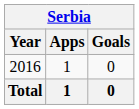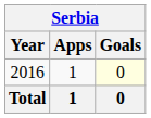 <table class="wikitable" style="text-align:center">
 <tr>
 <th colspan=3><a href='#'>Serbia</a></th>
 </tr>
 <tr>
 <th>Year</th>
 <th>Apps</th>
 <th>Goals</th>
 </tr>
 <tr>
 <td>2016</td>
 <td>1</td>
-<td>0</td>
+<td style="background: lightyellow;">0</td>
 </tr>
 <tr>
 <th>Total</th>
 <th>1</th>
 <th>0</th>
 </tr>
 </table>
